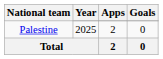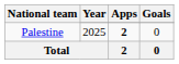 <table class="wikitable" style="text-align:center">
 <tr>
 <th>National team</th>
 <th>Year</th>
 <th>Apps</th>
 <th>Goals</th>
 </tr>
 <tr>
 <td rowspan=2><a href='#'>Palestine</a></td>
 </tr>
 <tr>
 <td>2025</td>
-<td>2</td>
+<td><strong>2</strong></td>
 <td>0</td>
 </tr>
 <tr>
 <th colspan="2">Total</th>
 <th>2</th>
 <th>0</th>
 </tr>
 </table>
